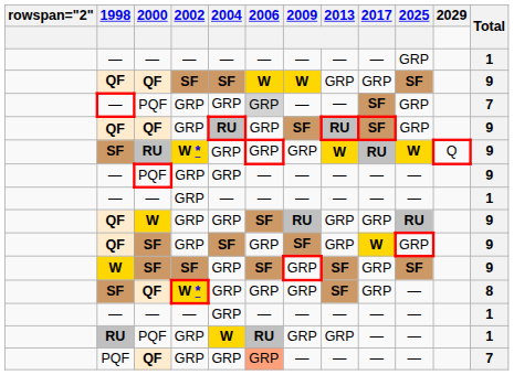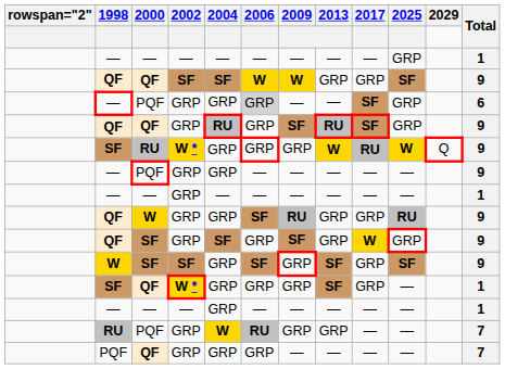 <table class="wikitable" style="text-align: center;">
 <tr>
 <th>rowspan="2" </th>
 <th><a href='#'>1998</a></th>
 <th><a href='#'>2000</a></th>
 <th><a href='#'>2002</a></th>
 <th><a href='#'>2004</a></th>
 <th><a href='#'>2006</a></th>
 <th><a href='#'>2009</a></th>
 <th><a href='#'>2013</a></th>
 <th><a href='#'>2017</a></th>
 <th><a href='#'>2025</a></th>
 <th>2029</th>
 <th rowspan="2">Total</th>
 </tr>
 <tr>
 <th></th>
 <th></th>
 <th></th>
 <th></th>
 <th></th>
 <th></th>
 <th colspan="2"><br></th>
 <th><br></th>
 <th></th>
 </tr>
 <tr>
 <td align="left"></td>
 <td>—</td>
 <td>—</td>
 <td>—</td>
 <td>—</td>
 <td>—</td>
 <td>—</td>
 <td>—</td>
 <td>—</td>
 <td>GRP</td>
 <td></td>
 <th>1</th>
 </tr>
 <tr>
 <td align="left"></td>
 <td style="background:#ffebcd;"><strong>QF</strong></td>
 <td style="background:#ffebcd;"><strong>QF</strong></td>
 <td bgcolor="#c96"><strong>SF</strong></td>
 <td bgcolor="#c96"><strong>SF</strong></td>
 <td style="background: gold"><strong>W</strong></td>
 <td style="background: gold"><strong>W</strong></td>
 <td>GRP</td>
 <td>GRP</td>
 <td bgcolor="#c96"><strong>SF</strong></td>
 <td></td>
 <th>9</th>
 </tr>
 <tr>
 <td align="left"></td>
 <td style="border: 3px solid red">—</td>
 <td>PQF</td>
 <td>GRP</td>
 <td>GRP</td>
 <td style="background: lightgrey;">GRP</td>
 <td>—</td>
 <td>—</td>
 <td bgcolor="#c96"><strong>SF</strong></td>
 <td>GRP</td>
 <td></td>
-<th>7</th>
+<th>6</th>
 </tr>
 <tr>
 <td align="left"></td>
 <td style="background:#ffebcd;"><strong>QF</strong></td>
 <td style="background:#ffebcd;"><strong>QF</strong></td>
 <td>GRP</td>
 <td style="border: 3px solid red;background:silver"><strong>RU</strong></td>
 <td>GRP</td>
 <td bgcolor="#c96"><strong>SF</strong></td>
 <td style="border: 3px solid red;background:silver"><strong>RU</strong></td>
 <td style="border: 3px solid red" bgcolor="#c96"><strong>SF</strong></td>
 <td>GRP</td>
 <td></td>
 <th>9</th>
 </tr>
 <tr>
 <td align="left"></td>
 <td bgcolor="#c96"><strong>SF</strong></td>
 <td style="background: silver"><strong>RU</strong></td>
 <td style="background: gold"><strong>W <a href='#'>*</a></strong></td>
 <td>GRP</td>
 <td style="border: 3px solid red">GRP</td>
 <td>GRP</td>
 <td style="background: gold"><strong>W</strong></td>
 <td style="background: silver"><strong>RU</strong></td>
 <td style="background: gold"><strong>W</strong></td>
 <td style="border: 3px solid red">Q</td>
 <th>9</th>
 </tr>
 <tr>
 <td align="left"></td>
 <td>—</td>
 <td style="border: 3px solid red">PQF</td>
 <td>GRP</td>
 <td>GRP</td>
 <td>—</td>
 <td>—</td>
 <td>—</td>
 <td>—</td>
 <td>—</td>
 <td></td>
 <th>9</th>
 </tr>
 <tr>
 <td align="left"></td>
 <td>—</td>
 <td>—</td>
 <td>GRP</td>
 <td>—</td>
 <td>—</td>
 <td>—</td>
 <td>—</td>
 <td>—</td>
 <td>—</td>
 <td></td>
 <th>1</th>
 </tr>
 <tr>
 <td align="left"></td>
 <td style="background:#ffebcd;"><strong>QF</strong></td>
 <td style="background: gold"><strong>W</strong></td>
 <td>GRP</td>
 <td>GRP</td>
 <td bgcolor="#c96"><strong>SF</strong></td>
 <td style="background: silver"><strong>RU</strong></td>
 <td>GRP</td>
 <td>GRP</td>
 <td style="background: silver"><strong>RU</strong></td>
 <td></td>
 <th>9</th>
 </tr>
 <tr>
 <td align="left"></td>
 <td style="background:#ffebcd;"><strong>QF</strong></td>
 <td bgcolor="#c96"><strong>SF</strong></td>
 <td>GRP</td>
 <td bgcolor="#c96"><strong>SF</strong></td>
 <td>GRP</td>
 <td bgcolor="#c96"><strong>SF</strong></td>
 <td>GRP</td>
 <td style="background: gold"><strong>W</strong></td>
 <td style="border: 3px solid red">GRP</td>
 <td></td>
 <th>9</th>
 </tr>
 <tr>
 <td align="left"></td>
 <td style="background: gold"><strong>W</strong></td>
 <td bgcolor="#c96"><strong>SF</strong></td>
 <td bgcolor="#c96"><strong>SF</strong></td>
 <td>GRP</td>
 <td bgcolor="#c96"><strong>SF</strong></td>
 <td style="border: 3px solid red">GRP</td>
 <td bgcolor="#c96"><strong>SF</strong></td>
 <td>GRP</td>
 <td bgcolor="#c96"><strong>SF</strong></td>
 <td></td>
 <th>9</th>
 </tr>
 <tr>
 <td align="left"></td>
 <td bgcolor="#c96"><strong>SF</strong></td>
 <td style="background:#ffebcd;"><strong>QF</strong></td>
 <td style="border: 3px solid red;background:gold"><strong>W <a href='#'>*</a></strong></td>
 <td>GRP</td>
 <td>GRP</td>
 <td>GRP</td>
 <td bgcolor="#c96"><strong>SF</strong></td>
 <td>GRP</td>
 <td>—</td>
 <td></td>
-<th>8</th>
+<th>1</th>
 </tr>
 <tr>
 <td align="left"></td>
 <td>—</td>
 <td>—</td>
 <td>—</td>
 <td>GRP</td>
 <td>—</td>
 <td>—</td>
 <td>—</td>
 <td>—</td>
 <td>—</td>
 <td></td>
 <th>1</th>
 </tr>
 <tr>
 <td align="left"></td>
 <td style="background: silver"><strong>RU</strong></td>
 <td>PQF</td>
 <td>GRP</td>
 <td style="background: gold"><strong>W</strong></td>
 <td style="background: silver"><strong>RU</strong></td>
 <td>GRP</td>
 <td>GRP</td>
 <td>—</td>
 <td>—</td>
 <td></td>
-<th>1</th>
+<th>7</th>
 </tr>
 <tr>
 <td align="left"></td>
 <td>PQF</td>
 <td style="background:#ffebcd;"><strong>QF</strong></td>
 <td>GRP</td>
 <td>GRP</td>
-<td style="background: lightsalmon;">GRP</td>
+<td>GRP</td>
 <td>—</td>
 <td>—</td>
 <td>—</td>
 <td>—</td>
 <td></td>
 <th>7</th>
 </tr>
 </table>
